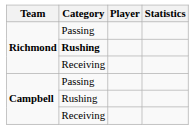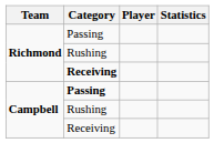 <table class="wikitable" style="float: right;">
 <tr>
 <th>Team</th>
 <th>Category</th>
 <th>Player</th>
 <th>Statistics</th>
 </tr>
 <tr>
 <td rowspan=3><strong>Richmond</strong></td>
 <td>Passing</td>
 <td></td>
 <td></td>
 </tr>
 <tr>
-<td><strong>Rushing</strong></td>
+<td>Rushing</td>
 <td></td>
 <td></td>
 </tr>
 <tr>
-<td>Receiving</td>
+<td><strong>Receiving</strong></td>
 <td></td>
 <td></td>
 </tr>
 <tr>
 <td rowspan=3><strong>Campbell</strong></td>
-<td>Passing</td>
+<td><strong>Passing</strong></td>
 <td></td>
 <td></td>
 </tr>
 <tr>
 <td>Rushing</td>
 <td></td>
 <td></td>
 </tr>
 <tr>
 <td>Receiving</td>
 <td></td>
 <td></td>
 </tr>
 </table>
